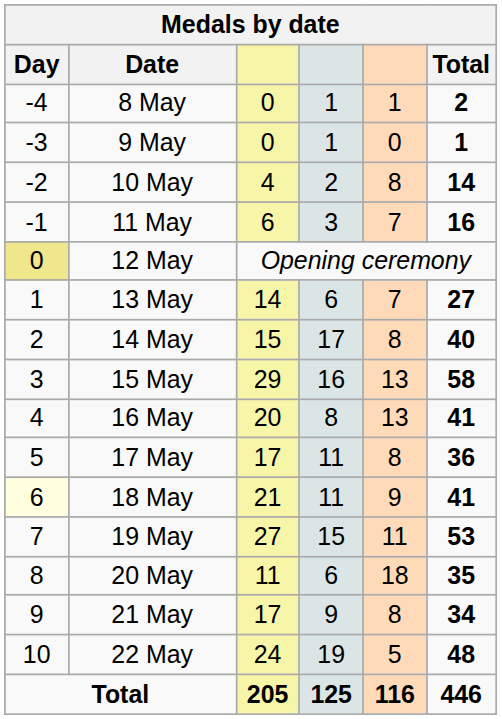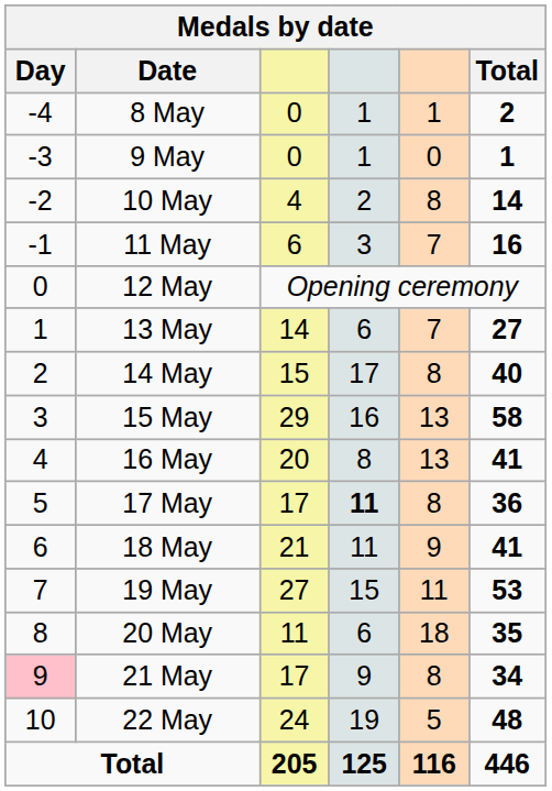 <table class="wikitable" style="font-size:90%; text-align:center;">
 <tr style="background:#efefef;">
 <th colspan=6><strong>Medals by date</strong></th>
 </tr>
 <tr>
 <th width=30><strong>Day</strong></th>
 <th width=90><strong>Date</strong></th>
 <th width=30 style="background:#F7F6A8;"></th>
 <th width=30 style="background:#DCE5E5;"></th>
 <th width=30 style="background:#FFDAB9;"></th>
 <th width=30><strong>Total</strong></th>
 </tr>
 <tr>
 <td>-4</td>
 <td>8 May</td>
 <td style="background:#F7F6A8;">0</td>
 <td style="background:#DCE5E5;">1</td>
 <td style="background:#FFDAB9;">1</td>
 <td><strong>2</strong></td>
 </tr>
 <tr>
 <td>-3</td>
 <td>9 May</td>
 <td style="background:#F7F6A8;">0</td>
 <td style="background:#DCE5E5;">1</td>
 <td style="background:#FFDAB9;">0</td>
 <td><strong>1</strong></td>
 </tr>
 <tr>
 <td>-2</td>
 <td>10 May</td>
 <td style="background:#F7F6A8;">4</td>
 <td style="background:#DCE5E5;">2</td>
 <td style="background:#FFDAB9;">8</td>
 <td><strong>14</strong></td>
 </tr>
 <tr>
 <td>-1</td>
 <td>11 May</td>
 <td style="background:#F7F6A8;">6</td>
 <td style="background:#DCE5E5;">3</td>
 <td style="background:#FFDAB9;">7</td>
 <td><strong>16</strong></td>
 </tr>
 <tr>
-<td style="background: khaki;">0</td>
+<td>0</td>
 <td>12 May</td>
 <td colspan="4"><em>Opening ceremony</em></td>
 </tr>
 <tr>
 <td>1</td>
 <td>13 May</td>
 <td style="background:#F7F6A8;">14</td>
 <td style="background:#DCE5E5;">6</td>
 <td style="background:#FFDAB9;">7</td>
 <td><strong>27</strong></td>
 </tr>
 <tr>
 <td>2</td>
 <td>14 May</td>
 <td style="background:#F7F6A8;">15</td>
 <td style="background:#DCE5E5;">17</td>
 <td style="background:#FFDAB9;">8</td>
 <td><strong>40</strong></td>
 </tr>
 <tr>
 <td>3</td>
 <td>15 May</td>
 <td style="background:#F7F6A8;">29</td>
 <td style="background:#DCE5E5;">16</td>
 <td style="background:#FFDAB9;">13</td>
 <td><strong>58</strong></td>
 </tr>
 <tr>
 <td>4</td>
 <td>16 May</td>
 <td style="background:#F7F6A8;">20</td>
 <td style="background:#DCE5E5;">8</td>
 <td style="background:#FFDAB9;">13</td>
 <td><strong>41</strong></td>
 </tr>
 <tr>
 <td>5</td>
 <td>17 May</td>
 <td style="background:#F7F6A8;">17</td>
-<td style="background:#DCE5E5;">11</td>
+<td style="background:#DCE5E5;"><strong>11</strong></td>
 <td style="background:#FFDAB9;">8</td>
 <td><strong>36</strong></td>
 </tr>
 <tr>
-<td style="background: lightyellow;">6</td>
+<td>6</td>
 <td>18 May</td>
 <td style="background:#F7F6A8;">21</td>
 <td style="background:#DCE5E5;">11</td>
 <td style="background:#FFDAB9;">9</td>
 <td><strong>41</strong></td>
 </tr>
 <tr>
 <td>7</td>
 <td>19 May</td>
 <td style="background:#F7F6A8;">27</td>
 <td style="background:#DCE5E5;">15</td>
 <td style="background:#FFDAB9;">11</td>
 <td><strong>53</strong></td>
 </tr>
 <tr>
 <td>8</td>
 <td>20 May</td>
 <td style="background:#F7F6A8;">11</td>
 <td style="background:#DCE5E5;">6</td>
 <td style="background:#FFDAB9;">18</td>
 <td><strong>35</strong></td>
 </tr>
 <tr>
-<td>9</td>
+<td style="background: pink;">9</td>
 <td>21 May</td>
 <td style="background:#F7F6A8;">17</td>
 <td style="background:#DCE5E5;">9</td>
 <td style="background:#FFDAB9;">8</td>
 <td><strong>34</strong></td>
 </tr>
 <tr>
 <td>10</td>
 <td>22 May</td>
 <td style="background:#F7F6A8;">24</td>
 <td style="background:#DCE5E5;">19</td>
 <td style="background:#FFDAB9;">5</td>
 <td><strong>48</strong></td>
 </tr>
 <tr>
 <td colspan="2"><strong>Total</strong></td>
 <td style="background:#F7F6A8;"><strong>205</strong></td>
 <td style="background:#DCE5E5;"><strong>125</strong></td>
 <td style="background:#FFDAB9;"><strong>116</strong></td>
 <td><strong>446</strong></td>
 </tr>
 </table>
